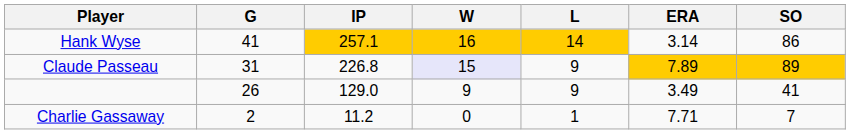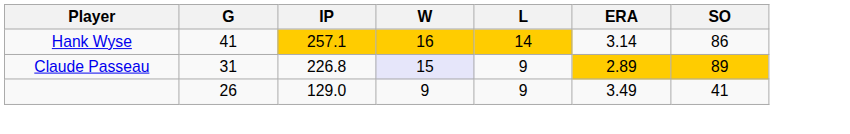 <table class="wikitable sortable">
 <tr>
 <th bgcolor="#DDDDFF" width="16%">Player</th>
 <th bgcolor="#DDDDFF" width="9%">G</th>
 <th bgcolor="#DDDDFF" width="9%">IP</th>
 <th bgcolor="#DDDDFF" width="9%">W</th>
 <th bgcolor="#DDDDFF" width="9%">L</th>
 <th bgcolor="#DDDDFF" width="9%">ERA</th>
 <th bgcolor="#DDDDFF" width="9%">SO</th>
 </tr>
 <tr align="center">
 <td><a href='#'>Hank Wyse</a></td>
 <td>41</td>
 <td style="background:#fc0;">257.1</td>
 <td style="background:#fc0;">16</td>
 <td style="background:#fc0;">14</td>
 <td>3.14</td>
 <td>86</td>
 </tr>
 <tr align=center>
 <td><a href='#'>Claude Passeau</a></td>
 <td>31</td>
 <td>226.8</td>
 <td style="background: lavender;">15</td>
 <td>9</td>
-<td style="background:#fc0;">7.89</td>
+<td style="background:#fc0;">2.89</td>
 <td style="background:#fc0;">89</td>
 </tr>
 <tr align=center>
 <td></td>
 <td>26</td>
 <td>129.0</td>
 <td>9</td>
 <td>9</td>
 <td>3.49</td>
 <td>41</td>
 </tr>
-<tr align="center">
-<td><a href='#'>Charlie Gassaway</a></td>
-<td>2</td>
-<td>11.2</td>
-<td>0</td>
-<td>1</td>
-<td>7.71</td>
-<td>7</td>
-</tr>
 </table>
